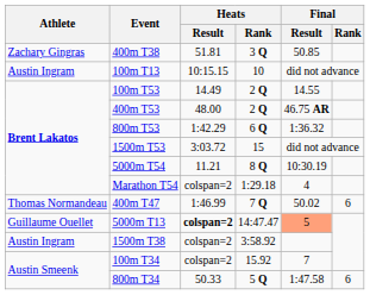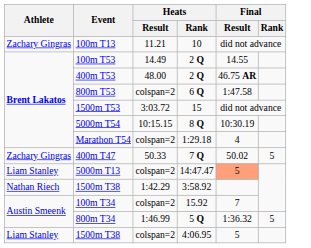 <table class=wikitable style="font-size:90%">
 <tr>
 <th rowspan="2">Athlete</th>
 <th rowspan="2">Event</th>
 <th colspan="2">Heats</th>
 <th colspan="2">Final</th>
 </tr>
 <tr>
 <th>Result</th>
 <th>Rank</th>
 <th>Result</th>
 <th>Rank</th>
 </tr>
 <tr align=center>
 <td align=left><a href='#'>Zachary Gingras</a></td>
-<td align=left><a href='#'>400m T38</a></td>
-<td>51.81</td>
-<td>3 <strong>Q</strong></td>
-<td>50.85</td>
-<td></td>
-</tr>
-<tr align=center>
-<td align=left><a href='#'>Austin Ingram</a></td>
 <td align=left><a href='#'>100m T13</a></td>
-<td>10:15.15</td>
+<td>11.21</td>
 <td>10</td>
 <td colspan="2">did not advance</td>
 </tr>
 <tr align=center>
 <td align=left rowspan=6><strong><a href='#'>Brent Lakatos</a></strong></td>
 <td align=left><a href='#'>100m T53</a></td>
 <td>14.49</td>
 <td>2 <strong>Q</strong></td>
 <td>14.55</td>
 <td></td>
 </tr>
 <tr align=center>
 <td align=left><a href='#'>400m T53</a></td>
 <td>48.00</td>
 <td>2 <strong>Q</strong></td>
 <td>46.75 <strong>AR</strong></td>
 <td></td>
 </tr>
 <tr align=center>
 <td align=left><a href='#'>800m T53</a></td>
-<td>1:42.29</td>
+<td>colspan=2 </td>
 <td>6 <strong>Q</strong></td>
-<td>1:36.32</td>
+<td>1:47.58</td>
 <td></td>
 </tr>
 <tr align=center>
 <td align=left><a href='#'>1500m T53</a></td>
 <td>3:03.72</td>
 <td>15</td>
 <td colspan="2">did not advance</td>
 </tr>
 <tr align=center>
 <td align=left><a href='#'>5000m T54</a></td>
-<td>11.21</td>
+<td>10:15.15</td>
 <td>8 <strong>Q</strong></td>
 <td>10:30.19</td>
 <td></td>
 </tr>
 <tr align=center>
 <td align=left><a href='#'>Marathon T54</a></td>
 <td>colspan=2 </td>
 <td>1:29.18</td>
 <td>4</td>
 </tr>
 <tr align=center>
-<td align=left><a href='#'>Thomas Normandeau</a></td>
+<td align=left><a href='#'>Zachary Gingras</a></td>
 <td align=left><a href='#'>400m T47</a></td>
-<td>1:46.99</td>
+<td>50.33</td>
 <td>7 <strong>Q</strong></td>
 <td>50.02</td>
-<td>6</td>
+<td>5</td>
 </tr>
 <tr align=center>
-<td align=left><a href='#'>Guillaume Ouellet</a></td>
+<td align=left><a href='#'>Liam Stanley</a></td>
 <td align=left><a href='#'>5000m T13</a></td>
-<td><strong>colspan=2 </strong></td>
+<td>colspan=2 </td>
 <td>14:47.47</td>
 <td style="background: lightsalmon;">5</td>
 </tr>
 <tr align=center>
-<td align=left><a href='#'>Austin Ingram</a></td>
+<td align=left><a href='#'>Nathan Riech</a></td>
 <td align=left><a href='#'>1500m T38</a></td>
-<td>colspan=2 </td>
+<td>1:42.29</td>
 <td>3:58.92</td>
 <td></td>
 </tr>
 <tr align=center>
 <td align=left rowspan=2><a href='#'>Austin Smeenk</a></td>
 <td align=left><a href='#'>100m T34</a></td>
 <td>colspan=2 </td>
 <td>15.92</td>
 <td>7</td>
 </tr>
 <tr align=center>
 <td align=left><a href='#'>800m T34</a></td>
-<td>50.33</td>
+<td>1:46.99</td>
 <td>5 <strong>Q</strong></td>
-<td>1:47.58</td>
-<td>6</td>
+<td>1:36.32</td>
+<td>5</td>
+</tr>
+<tr align=center>
+<td align=left><a href='#'>Liam Stanley</a></td>
+<td align=left><a href='#'>1500m T38</a></td>
+<td>colspan=2 </td>
+<td>4:06.95</td>
+<td>5</td>
+<td></td>
 </tr>
 </table>
